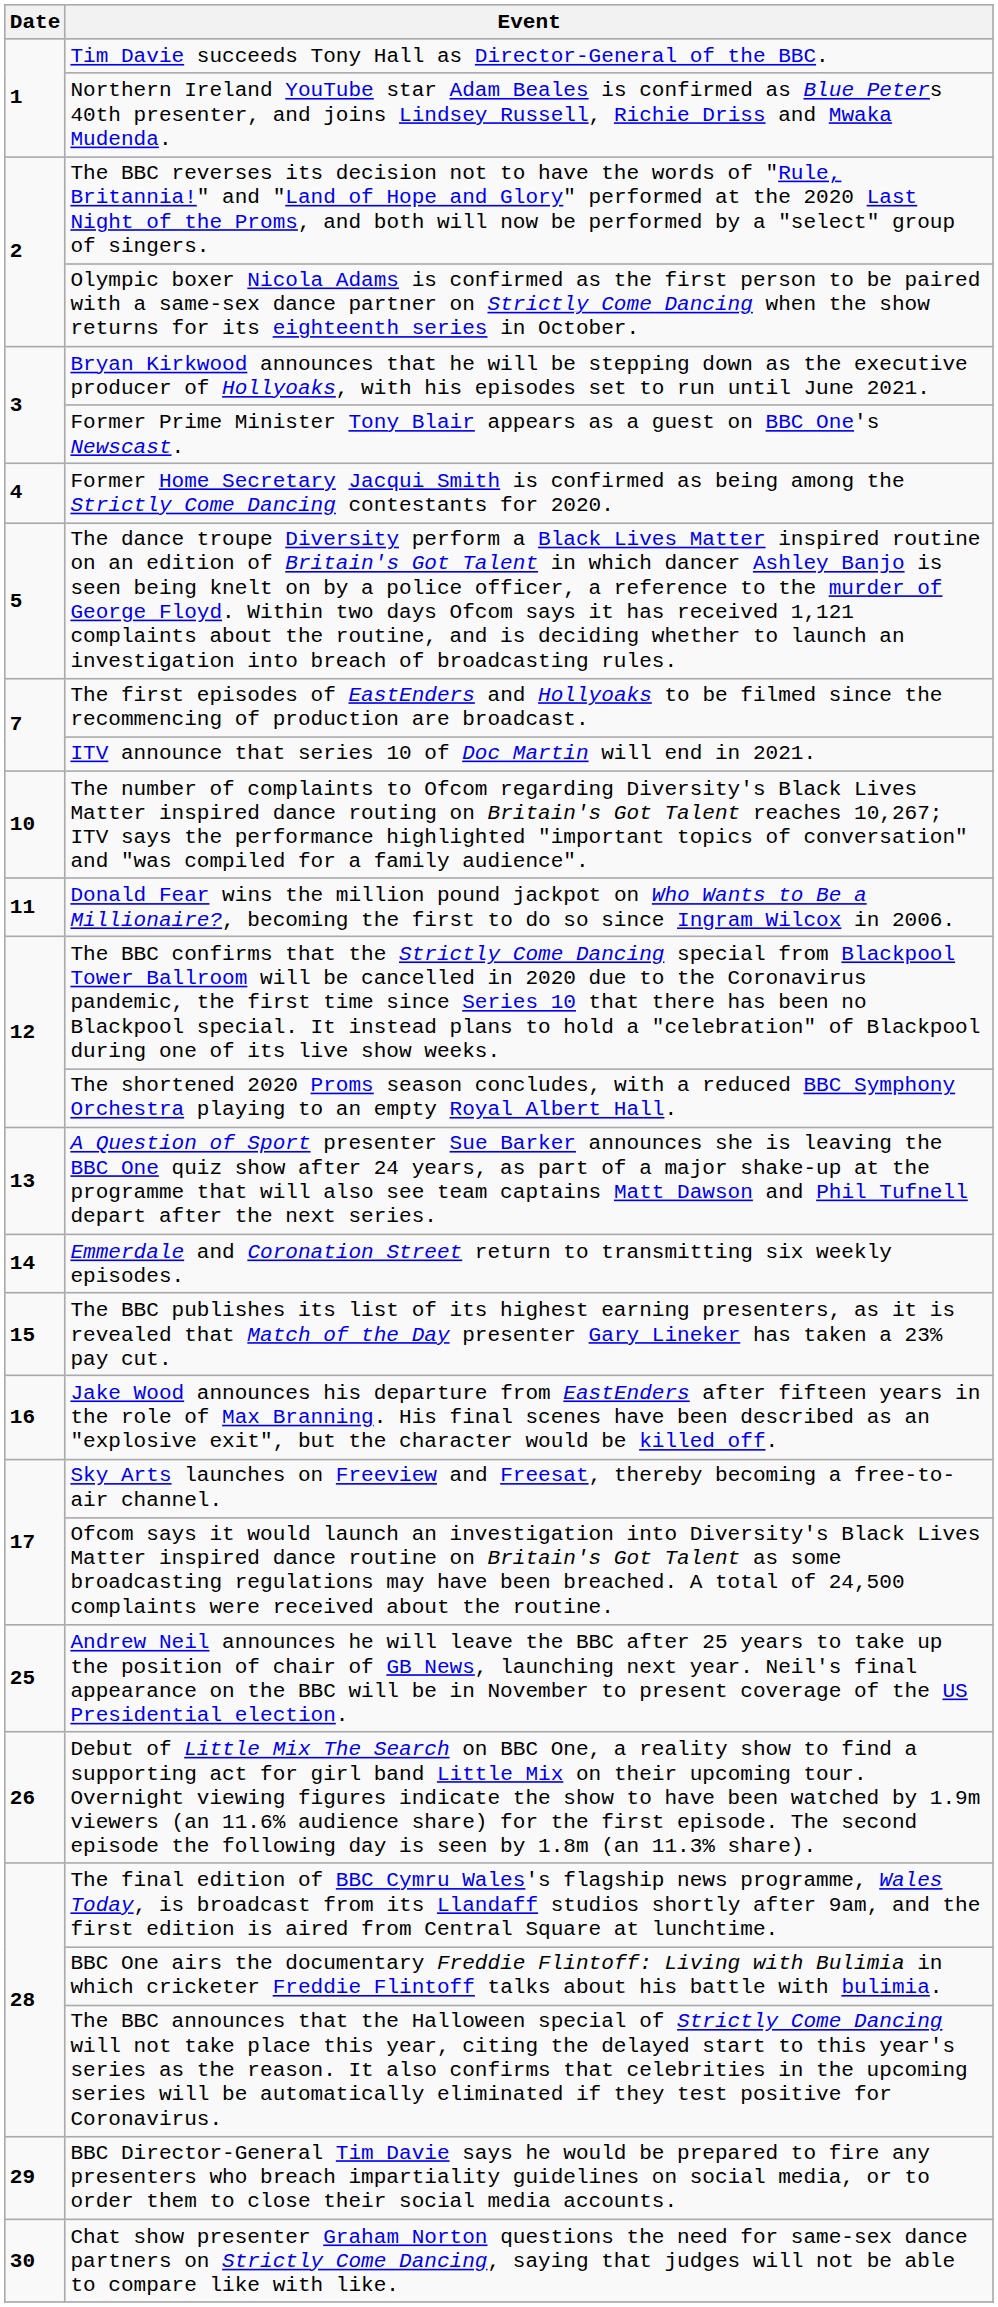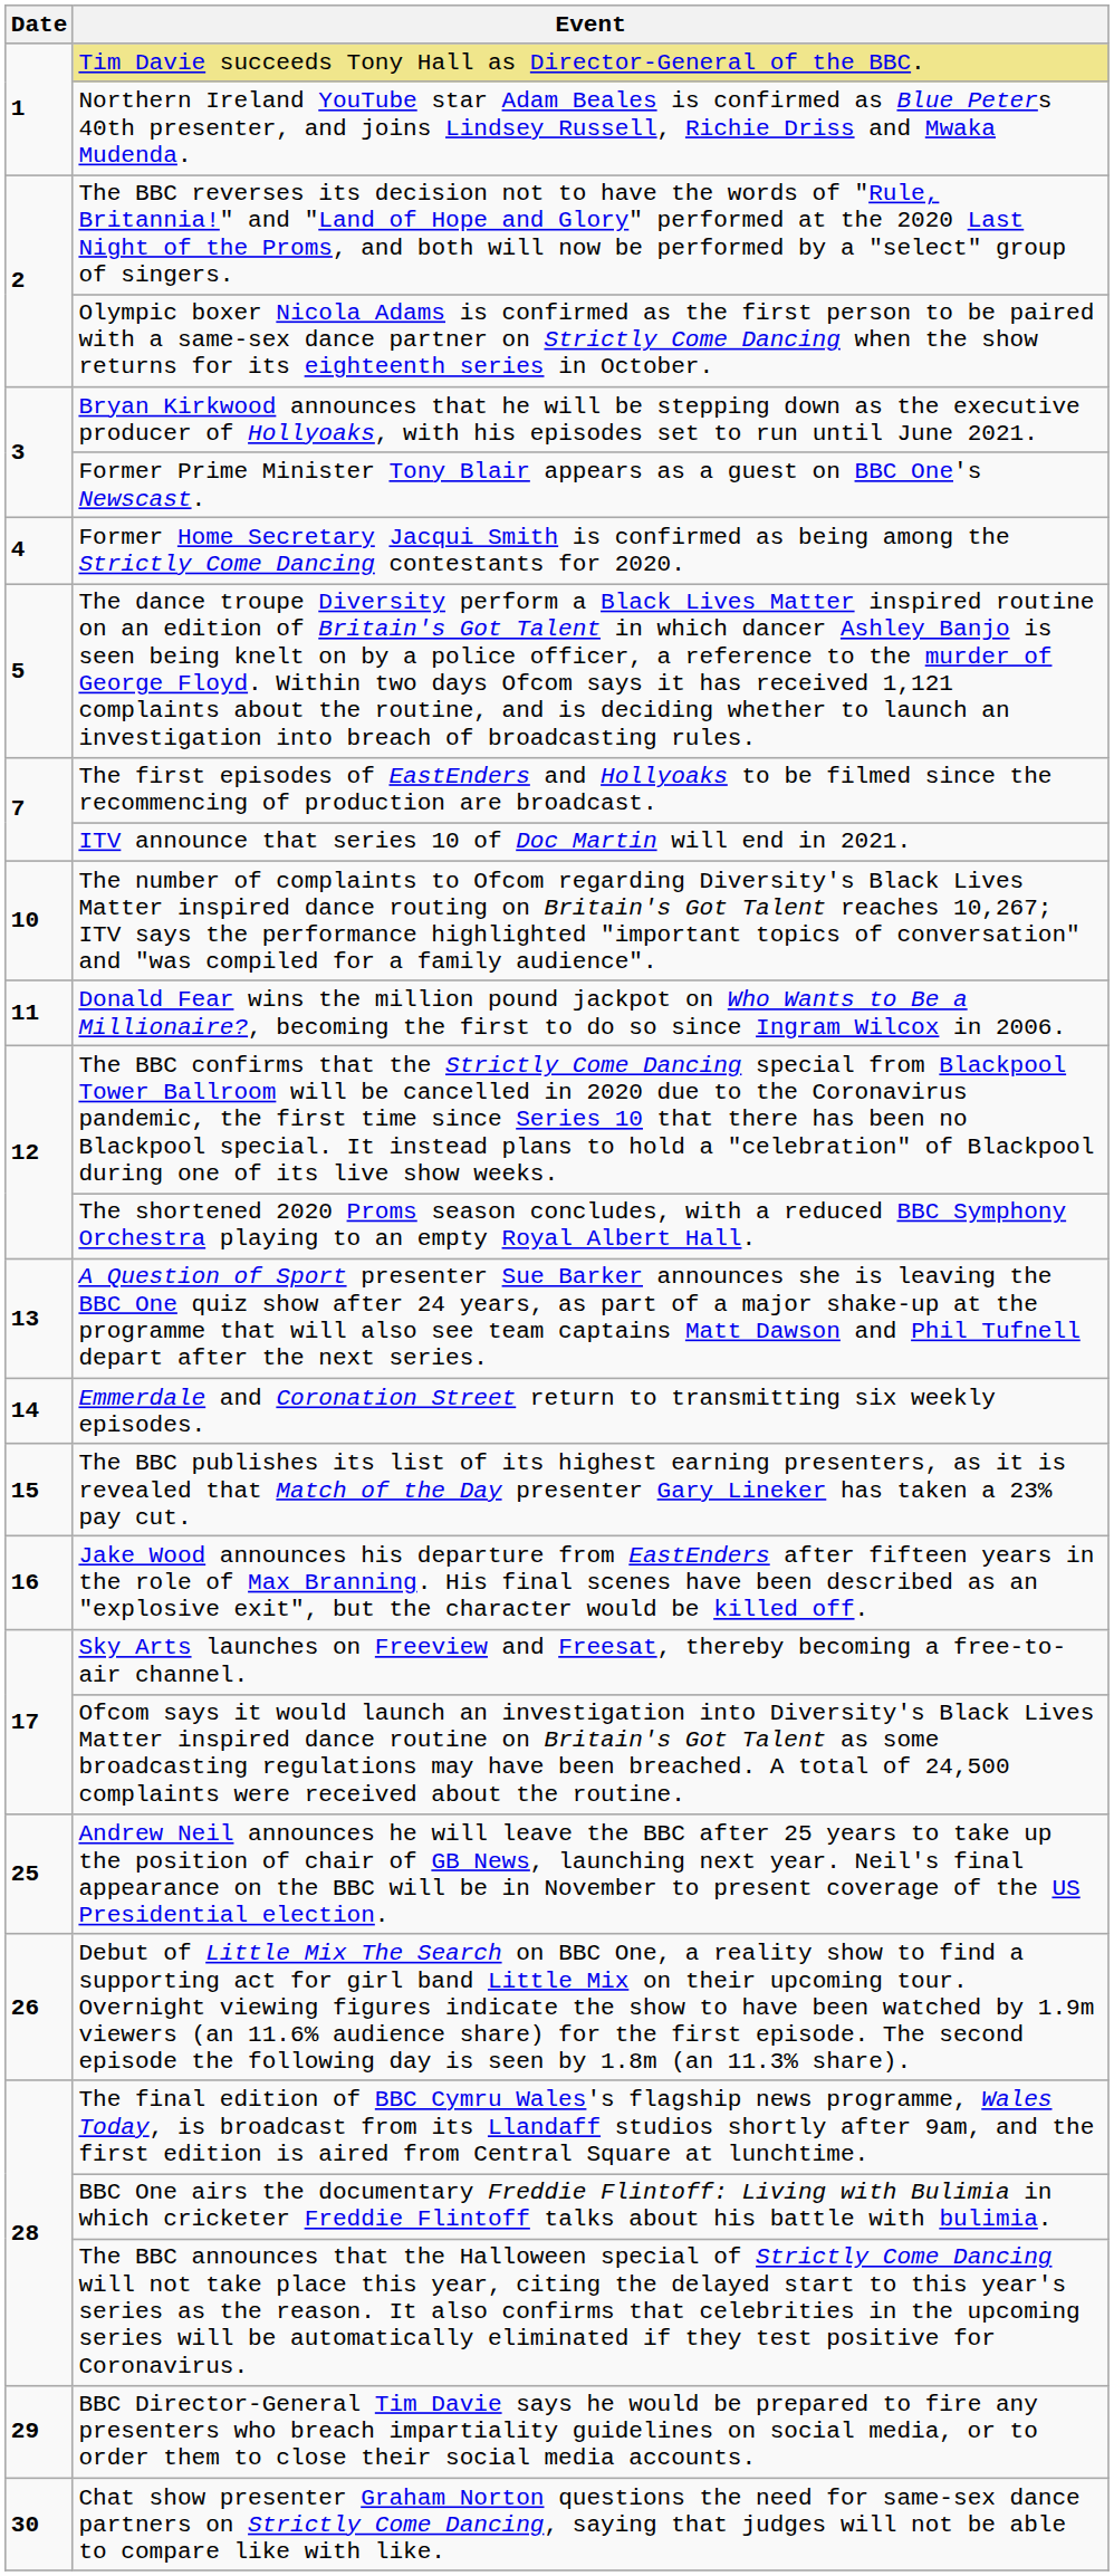 <table class="wikitable">
 <tr>
 <th>Date</th>
 <th>Event</th>
 </tr>
 <tr>
 <td rowspan=2><strong>1</strong></td>
-<td><a href='#'>Tim Davie</a> succeeds Tony Hall as <a href='#'>Director-General of the BBC</a>.</td>
+<td style="background: khaki;"><a href='#'>Tim Davie</a> succeeds Tony Hall as <a href='#'>Director-General of the BBC</a>.</td>
 </tr>
 <tr>
 <td>Northern Ireland <a href='#'>YouTube</a> star <a href='#'>Adam Beales</a> is confirmed as <em><a href='#'>Blue Peter</a></em>s 40th presenter, and joins <a href='#'>Lindsey Russell</a>, <a href='#'>Richie Driss</a> and <a href='#'>Mwaka Mudenda</a>.</td>
 </tr>
 <tr>
 <td rowspan=2><strong>2</strong></td>
 <td>The BBC reverses its decision not to have the words of "<a href='#'>Rule, Britannia!</a>" and "<a href='#'>Land of Hope and Glory</a>" performed at the 2020 <a href='#'>Last Night of the Proms</a>, and both will now be performed by a "select" group of singers.</td>
 </tr>
 <tr>
 <td>Olympic boxer <a href='#'>Nicola Adams</a> is confirmed as the first person to be paired with a same-sex dance partner on <em><a href='#'>Strictly Come Dancing</a></em> when the show returns for its <a href='#'>eighteenth series</a> in October.</td>
 </tr>
 <tr>
 <td rowspan=2><strong>3</strong></td>
 <td><a href='#'>Bryan Kirkwood</a> announces that he will be stepping down as the executive producer of <em><a href='#'>Hollyoaks</a></em>, with his episodes set to run until June 2021.</td>
 </tr>
 <tr>
 <td>Former Prime Minister <a href='#'>Tony Blair</a> appears as a guest on <a href='#'>BBC One</a>'s <em><a href='#'>Newscast</a></em>.</td>
 </tr>
 <tr>
 <td><strong>4</strong></td>
 <td>Former <a href='#'>Home Secretary</a> <a href='#'>Jacqui Smith</a> is confirmed as being among the <em><a href='#'>Strictly Come Dancing</a></em> contestants for 2020.</td>
 </tr>
 <tr>
 <td><strong>5</strong></td>
 <td>The dance troupe <a href='#'>Diversity</a> perform a <a href='#'>Black Lives Matter</a> inspired routine on an edition of <em><a href='#'>Britain's Got Talent</a></em> in which dancer <a href='#'>Ashley Banjo</a> is seen being knelt on by a police officer, a reference to the <a href='#'>murder of George Floyd</a>. Within two days Ofcom says it has received 1,121 complaints about the routine, and is deciding whether to launch an investigation into breach of broadcasting rules.</td>
 </tr>
 <tr>
 <td rowspan=2><strong>7</strong></td>
 <td>The first episodes of <em><a href='#'>EastEnders</a></em> and <em><a href='#'>Hollyoaks</a></em> to be filmed since the recommencing of production are broadcast.</td>
 </tr>
 <tr>
 <td><a href='#'>ITV</a> announce that series 10 of <em><a href='#'>Doc Martin</a></em> will end in 2021.</td>
 </tr>
 <tr>
 <td><strong>10</strong></td>
 <td>The number of complaints to Ofcom regarding Diversity's Black Lives Matter inspired dance routing on <em>Britain's Got Talent</em> reaches 10,267; ITV says the performance highlighted "important topics of conversation" and "was compiled for a family audience".</td>
 </tr>
 <tr>
 <td><strong>11</strong></td>
 <td><a href='#'>Donald Fear</a> wins the million pound jackpot on <em><a href='#'>Who Wants to Be a Millionaire?</a></em>, becoming the first to do so since <a href='#'>Ingram Wilcox</a> in 2006.</td>
 </tr>
 <tr>
 <td rowspan=2><strong>12</strong></td>
 <td>The BBC confirms that the <em><a href='#'>Strictly Come Dancing</a></em> special from <a href='#'>Blackpool Tower Ballroom</a> will be cancelled in 2020 due to the Coronavirus pandemic, the first time since <a href='#'>Series 10</a> that there has been no Blackpool special. It instead plans to hold a "celebration" of Blackpool during one of its live show weeks.</td>
 </tr>
 <tr>
 <td>The shortened 2020 <a href='#'>Proms</a> season concludes, with a reduced <a href='#'>BBC Symphony Orchestra</a> playing to an empty <a href='#'>Royal Albert Hall</a>.</td>
 </tr>
 <tr>
 <td><strong>13</strong></td>
 <td><em><a href='#'>A Question of Sport</a></em> presenter <a href='#'>Sue Barker</a> announces she is leaving the <a href='#'>BBC One</a> quiz show after 24 years, as part of a major shake-up at the programme that will also see team captains <a href='#'>Matt Dawson</a> and <a href='#'>Phil Tufnell</a> depart after the next series.</td>
 </tr>
 <tr>
 <td><strong>14</strong></td>
 <td><em><a href='#'>Emmerdale</a></em> and <em><a href='#'>Coronation Street</a></em> return to transmitting six weekly episodes.</td>
 </tr>
 <tr>
 <td><strong>15</strong></td>
 <td>The BBC publishes its list of its highest earning presenters, as it is revealed that <em><a href='#'>Match of the Day</a></em> presenter <a href='#'>Gary Lineker</a> has taken a 23% pay cut.</td>
 </tr>
 <tr>
 <td><strong>16</strong></td>
 <td><a href='#'>Jake Wood</a> announces his departure from <em><a href='#'>EastEnders</a></em> after fifteen years in the role of <a href='#'>Max Branning</a>. His final scenes have been described as an "explosive exit", but the character would be <a href='#'>killed off</a>.</td>
 </tr>
 <tr>
 <td rowspan=2><strong>17</strong></td>
 <td><a href='#'>Sky Arts</a> launches on <a href='#'>Freeview</a> and <a href='#'>Freesat</a>, thereby becoming a free-to-air channel.</td>
 </tr>
 <tr>
 <td>Ofcom says it would launch an investigation into Diversity's Black Lives Matter inspired dance routine on <em>Britain's Got Talent</em> as some broadcasting regulations may have been breached. A total of 24,500 complaints were received about the routine.</td>
 </tr>
 <tr>
 <td><strong>25</strong></td>
 <td><a href='#'>Andrew Neil</a> announces he will leave the BBC after 25 years to take up the position of chair of <a href='#'>GB News</a>, launching next year. Neil's final appearance on the BBC will be in November to present coverage of the <a href='#'>US Presidential election</a>.</td>
 </tr>
 <tr>
 <td><strong>26</strong></td>
 <td>Debut of <em><a href='#'>Little Mix The Search</a></em> on BBC One, a reality show to find a supporting act for girl band <a href='#'>Little Mix</a> on their upcoming tour. Overnight viewing figures indicate the show to have been watched by 1.9m viewers (an 11.6% audience share) for the first episode. The second episode the following day is seen by 1.8m (an 11.3% share).</td>
 </tr>
 <tr>
 <td rowspan=3><strong>28</strong></td>
 <td>The final edition of <a href='#'>BBC Cymru Wales</a>'s flagship news programme, <em><a href='#'>Wales Today</a></em>, is broadcast from its <a href='#'>Llandaff</a> studios shortly after 9am, and the first edition is aired from Central Square at lunchtime.</td>
 </tr>
 <tr>
 <td>BBC One airs the documentary <em>Freddie Flintoff: Living with Bulimia</em> in which cricketer <a href='#'>Freddie Flintoff</a> talks about his battle with <a href='#'>bulimia</a>.</td>
 </tr>
 <tr>
 <td>The BBC announces that the Halloween special of <em><a href='#'>Strictly Come Dancing</a></em> will not take place this year, citing the delayed start to this year's series as the reason. It also confirms that celebrities in the upcoming series will be automatically eliminated if they test positive for Coronavirus.</td>
 </tr>
 <tr>
 <td><strong>29</strong></td>
 <td>BBC Director-General <a href='#'>Tim Davie</a> says he would be prepared to fire any presenters who breach impartiality guidelines on social media, or to order them to close their social media accounts.</td>
 </tr>
 <tr>
 <td><strong>30</strong></td>
 <td>Chat show presenter <a href='#'>Graham Norton</a> questions the need for same-sex dance partners on <em><a href='#'>Strictly Come Dancing</a></em>, saying that judges will not be able to compare like with like.</td>
 </tr>
 </table>
